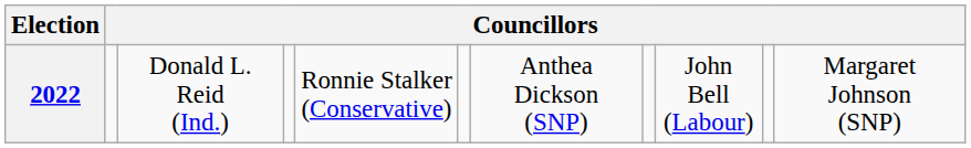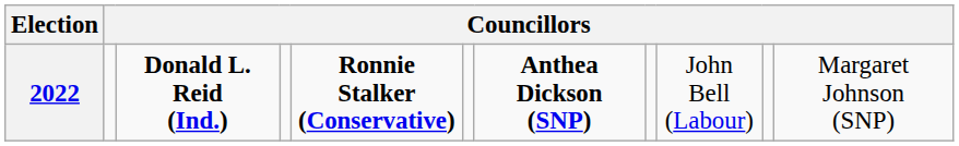 <table class="wikitable" style="text-align:center">
 <tr>
 <th>Election</th>
 <th colspan=10>Councillors</th>
 </tr>
 <tr>
 <th><a href='#'>2022</a></th>
 <td style="background-color: "></td>
-<td>Donald L. Reid<br>(<a href='#'>Ind.</a>)</td>
+<td><strong>Donald L. Reid<br>(<a href='#'>Ind.</a>)</strong></td>
 <td style="background-color: "></td>
-<td>Ronnie Stalker<br>(<a href='#'>Conservative</a>)</td>
+<td><strong>Ronnie Stalker<br>(<a href='#'>Conservative</a>)</strong></td>
 <td style="background-color: "></td>
-<td>Anthea Dickson<br>(<a href='#'>SNP</a>)</td>
+<td><strong>Anthea Dickson<br>(<a href='#'>SNP</a>)</strong></td>
 <td style="background-color: "></td>
 <td>John Bell<br>(<a href='#'>Labour</a>)</td>
 <td style="background-color: "></td>
 <td>Margaret Johnson<br>(SNP)</td>
 </tr>
 </table>
